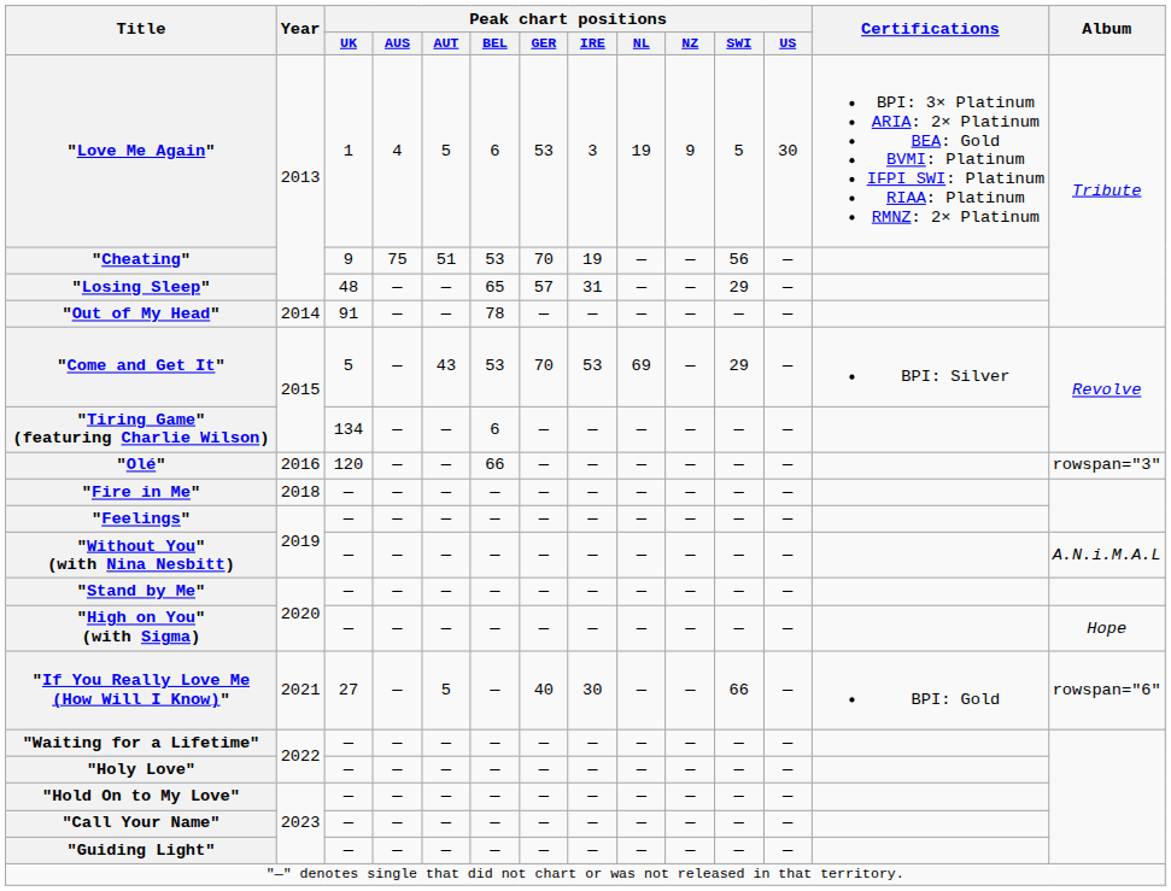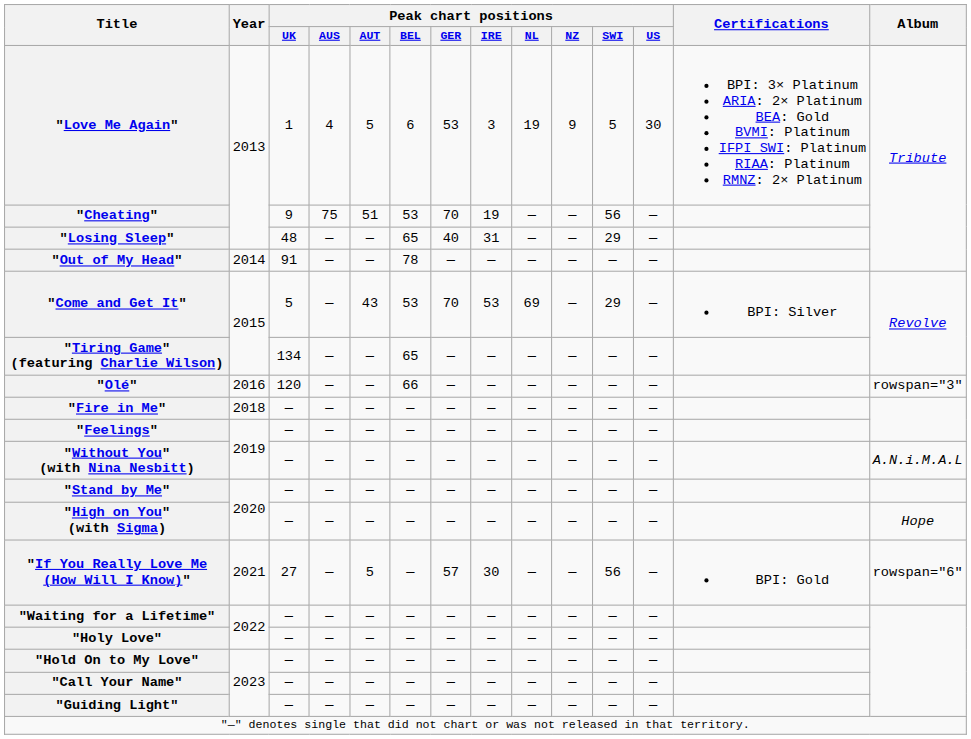 <table class="wikitable plainrowheaders" style="text-align:center;">
 <tr>
 <th scope="col" rowspan="2" style="width:16em;">Title</th>
 <th scope="col" rowspan="2" style="width:1em;">Year</th>
 <th scope="col" colspan="10">Peak chart positions</th>
 <th scope="col" rowspan="2"><a href='#'>Certifications</a></th>
 <th scope="col" rowspan="2">Album</th>
 </tr>
 <tr>
 <th scope="col" style="width:3em;font-size:85%;"><a href='#'>UK</a><br></th>
 <th scope="col" style="width:3em;font-size:85%;"><a href='#'>AUS</a><br></th>
 <th scope="col" style="width:3em;font-size:85%;"><a href='#'>AUT</a><br></th>
 <th scope="col" style="width:3em;font-size:85%;"><a href='#'>BEL</a><br></th>
 <th scope="col" style="width:3em;font-size:85%;"><a href='#'>GER</a><br></th>
 <th scope="col" style="width:3em;font-size:85%;"><a href='#'>IRE</a><br></th>
 <th scope="col" style="width:3em;font-size:85%;"><a href='#'>NL</a><br></th>
 <th scope="col" style="width:3em;font-size:85%;"><a href='#'>NZ</a><br></th>
 <th scope="col" style="width:3em;font-size:85%;"><a href='#'>SWI</a><br></th>
 <th scope="col" style="width:3em;font-size:85%;"><a href='#'>US</a><br></th>
 </tr>
 <tr>
 <th scope="row">"<a href='#'>Love Me Again</a>"</th>
 <td rowspan="3">2013</td>
 <td>1</td>
 <td>4</td>
 <td>5</td>
 <td>6</td>
 <td>53</td>
 <td>3</td>
 <td>19</td>
 <td>9</td>
 <td>5</td>
 <td>30</td>
 <td><br><ul><li>BPI: 3× Platinum</li><li><a href='#'>ARIA</a>: 2× Platinum</li><li><a href='#'>BEA</a>: Gold</li><li><a href='#'>BVMI</a>: Platinum</li><li><a href='#'>IFPI SWI</a>: Platinum</li><li><a href='#'>RIAA</a>: Platinum</li><li><a href='#'>RMNZ</a>: 2× Platinum</li></ul></td>
 <td rowspan="4"><em><a href='#'>Tribute</a></em></td>
 </tr>
 <tr>
 <th scope="row">"<a href='#'>Cheating</a>"</th>
 <td>9</td>
 <td>75</td>
 <td>51</td>
 <td>53</td>
 <td>70</td>
 <td>19</td>
 <td>—</td>
 <td>—</td>
 <td>56</td>
 <td>—</td>
 <td></td>
 </tr>
 <tr>
 <th scope="row">"<a href='#'>Losing Sleep</a>"</th>
 <td>48</td>
 <td>—</td>
 <td>—</td>
 <td>65</td>
-<td>57</td>
+<td>40</td>
 <td>31</td>
 <td>—</td>
 <td>—</td>
 <td>29</td>
 <td>—</td>
 <td></td>
 </tr>
 <tr>
 <th scope="row">"<a href='#'>Out of My Head</a>"</th>
 <td>2014</td>
 <td>91</td>
 <td>—</td>
 <td>—</td>
 <td>78</td>
 <td>—</td>
 <td>—</td>
 <td>—</td>
 <td>—</td>
 <td>—</td>
 <td>—</td>
 <td></td>
 </tr>
 <tr>
 <th scope="row">"<a href='#'>Come and Get It</a>"</th>
 <td rowspan="2">2015</td>
 <td>5</td>
 <td>—</td>
 <td>43</td>
 <td>53</td>
 <td>70</td>
 <td>53</td>
 <td>69</td>
 <td>—</td>
 <td>29</td>
 <td>—</td>
 <td><br><ul><li>BPI: Silver</li></ul></td>
 <td rowspan="2"><em><a href='#'>Revolve</a></em></td>
 </tr>
 <tr>
 <th scope="row">"<a href='#'>Tiring Game</a>"<br><span>(featuring <a href='#'>Charlie Wilson</a>)</span></th>
 <td>134</td>
 <td>—</td>
 <td>—</td>
-<td>6</td>
+<td>65</td>
 <td>—</td>
 <td>—</td>
 <td>—</td>
 <td>—</td>
 <td>—</td>
 <td>—</td>
 <td></td>
 </tr>
 <tr>
 <th scope="row">"<a href='#'>Olé</a>"</th>
 <td>2016</td>
 <td>120</td>
 <td>—</td>
 <td>—</td>
 <td>66</td>
 <td>—</td>
 <td>—</td>
 <td>—</td>
 <td>—</td>
 <td>—</td>
 <td>—</td>
 <td></td>
 <td>rowspan="3" </td>
 </tr>
 <tr>
 <th scope="row">"<a href='#'>Fire in Me</a>"</th>
 <td>2018</td>
 <td>—</td>
 <td>—</td>
 <td>—</td>
 <td>—</td>
 <td>—</td>
 <td>—</td>
 <td>—</td>
 <td>—</td>
 <td>—</td>
 <td>—</td>
 <td></td>
 </tr>
 <tr>
 <th scope="row">"<a href='#'>Feelings</a>"</th>
 <td rowspan="2">2019</td>
 <td>—</td>
 <td>—</td>
 <td>—</td>
 <td>—</td>
 <td>—</td>
 <td>—</td>
 <td>—</td>
 <td>—</td>
 <td>—</td>
 <td>—</td>
 <td></td>
 </tr>
 <tr>
 <th scope="row">"<a href='#'>Without You</a>"<br><span>(with <a href='#'>Nina Nesbitt</a>)</span></th>
 <td>—</td>
 <td>—</td>
 <td>—</td>
 <td>—</td>
 <td>—</td>
 <td>—</td>
 <td>—</td>
 <td>—</td>
 <td>—</td>
 <td>—</td>
 <td></td>
 <td><em>A.N.i.M.A.L</em></td>
 </tr>
 <tr>
 <th scope="row">"<a href='#'>Stand by Me</a>"</th>
 <td rowspan="2">2020</td>
 <td>—</td>
 <td>—</td>
 <td>—</td>
 <td>—</td>
 <td>—</td>
 <td>—</td>
 <td>—</td>
 <td>—</td>
 <td>—</td>
 <td>—</td>
 <td></td>
 <td></td>
 </tr>
 <tr>
 <th scope="row">"<a href='#'>High on You</a>"<br><span>(with <a href='#'>Sigma</a>)</span></th>
 <td>—</td>
 <td>—</td>
 <td>—</td>
 <td>—</td>
 <td>—</td>
 <td>—</td>
 <td>—</td>
 <td>—</td>
 <td>—</td>
 <td>—</td>
 <td></td>
 <td><em>Hope</em></td>
 </tr>
 <tr>
 <th scope="row">"<a href='#'>If You Really Love Me (How Will I Know)</a>"<br></th>
 <td>2021</td>
 <td>27</td>
 <td>—</td>
 <td>5</td>
 <td>—</td>
-<td>40</td>
+<td>57</td>
 <td>30<br></td>
 <td>—</td>
 <td>—</td>
-<td>66</td>
+<td>56</td>
 <td>—</td>
 <td><br><ul><li>BPI: Gold</li></ul></td>
 <td>rowspan="6" </td>
 </tr>
 <tr>
 <th scope="row">"Waiting for a Lifetime"</th>
 <td rowspan="2">2022</td>
 <td>—</td>
 <td>—</td>
 <td>—</td>
 <td>—</td>
 <td>—</td>
 <td>—</td>
 <td>—</td>
 <td>—</td>
 <td>—</td>
 <td>—</td>
 <td></td>
 </tr>
 <tr>
 <th scope="row">"Holy Love"</th>
 <td>—</td>
 <td>—</td>
 <td>—</td>
 <td>—</td>
 <td>—</td>
 <td>—</td>
 <td>—</td>
 <td>—</td>
 <td>—</td>
 <td>—</td>
 <td></td>
 </tr>
 <tr>
 <th scope="row">"Hold On to My Love"</th>
 <td rowspan="3">2023</td>
 <td>—</td>
 <td>—</td>
 <td>—</td>
 <td>—</td>
 <td>—</td>
 <td>—</td>
 <td>—</td>
 <td>—</td>
 <td>—</td>
 <td>—</td>
 <td></td>
 </tr>
 <tr>
 <th scope="row">"Call Your Name"<br></th>
 <td>―</td>
 <td>―</td>
 <td>—</td>
 <td>―</td>
 <td>―</td>
 <td>―</td>
 <td>―</td>
 <td>―</td>
 <td>―</td>
 <td>―</td>
 <td></td>
 </tr>
 <tr>
 <th scope="row">"Guiding Light"</th>
 <td>—</td>
 <td>—</td>
 <td>—</td>
 <td>—</td>
 <td>—</td>
 <td>—</td>
 <td>—</td>
 <td>—</td>
 <td>—</td>
 <td>—</td>
 <td></td>
 </tr>
 <tr>
 <td colspan="14" style="font-size:85%">"—" denotes single that did not chart or was not released in that territory.</td>
 </tr>
 </table>
